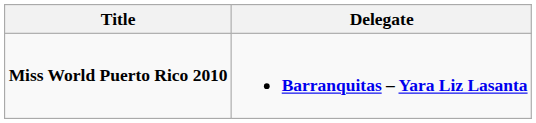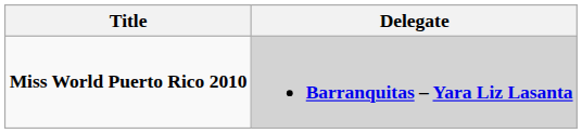 <table class="wikitable sortable" style="font-size: 95%;">
 <tr>
 <th>Title</th>
 <th>Delegate</th>
 </tr>
 <tr>
 <td><strong>Miss World Puerto Rico 2010</strong></td>
-<td><br><ul><li><strong> <a href='#'>Barranquitas</a> – <a href='#'>Yara Liz Lasanta</a></strong></li></ul></td>
+<td style="background: lightgrey;"><br><ul><li><strong> <a href='#'>Barranquitas</a> – <a href='#'>Yara Liz Lasanta</a></strong></li></ul></td>
 </tr>
 </table>
